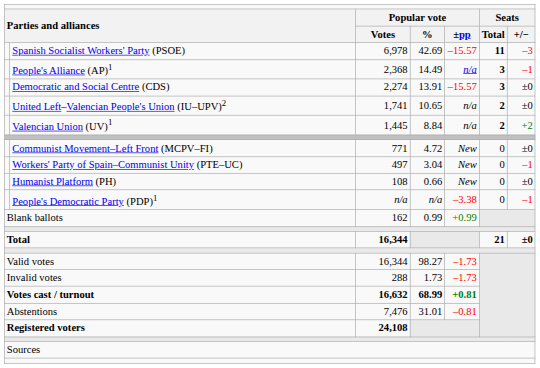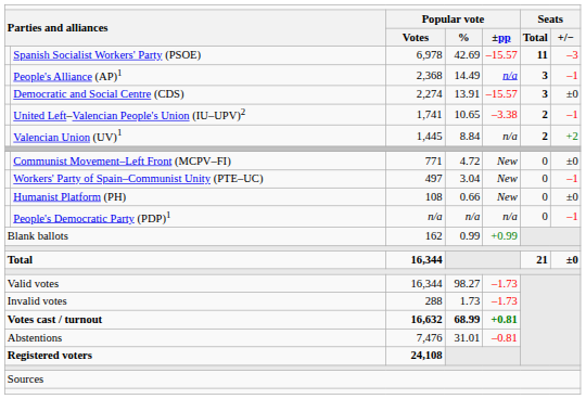 <table class="wikitable" style="text-align:right;">
 <tr>
 <td colspan="7"></td>
 </tr>
 <tr>
 <th style="text-align:left;" rowspan="2" colspan="2" width="525">Parties and alliances</th>
 <th colspan="3">Popular vote</th>
 <th colspan="2">Seats</th>
 </tr>
 <tr>
 <th width="75">Votes</th>
 <th width="45">%</th>
 <th width="45">±<a href='#'>pp</a></th>
 <th width="35">Total</th>
 <th width="35">+/−</th>
 </tr>
 <tr>
 <td width="1" style="color:inherit;background:"></td>
 <td align="left"><a href='#'>Spanish Socialist Workers' Party</a> (PSOE)</td>
 <td>6,978</td>
 <td>42.69</td>
 <td style="color:red;">–15.57</td>
 <td><strong>11</strong></td>
 <td style="color:red;">–3</td>
 </tr>
 <tr>
 <td style="color:inherit;background:"></td>
 <td align="left"><a href='#'>People's Alliance</a> (AP)<sup>1</sup></td>
 <td>2,368</td>
 <td>14.49</td>
 <td><em><a href='#'>n/a</a></em></td>
 <td><strong>3</strong></td>
 <td style="color:red;">–1</td>
 </tr>
 <tr>
 <td style="color:inherit;background:"></td>
 <td align="left"><a href='#'>Democratic and Social Centre</a> (CDS)</td>
 <td>2,274</td>
 <td>13.91</td>
 <td style="color:red;">–15.57</td>
 <td><strong>3</strong></td>
 <td>±0</td>
 </tr>
 <tr>
 <td style="color:inherit;background:"></td>
 <td align="left"><a href='#'>United Left</a>–<a href='#'>Valencian People's Union</a> (IU–UPV)<sup>2</sup></td>
 <td>1,741</td>
 <td>10.65</td>
-<td><em>n/a</em></td>
+<td style="color:red;">–3.38</td>
 <td><strong>2</strong></td>
-<td>±0</td>
+<td style="color:red;">–1</td>
 </tr>
 <tr>
 <td style="color:inherit;background:"></td>
 <td align="left"><a href='#'>Valencian Union</a> (UV)<sup>1</sup></td>
 <td>1,445</td>
 <td>8.84</td>
 <td><em>n/a</em></td>
 <td><strong>2</strong></td>
 <td style="color:green;">+2</td>
 </tr>
 <tr>
 <td colspan="7" bgcolor="#C0C0C0"></td>
 </tr>
 <tr>
 <td style="color:inherit;background:"></td>
 <td align="left"><a href='#'>Communist Movement–Left Front</a> (MCPV–FI)</td>
 <td>771</td>
 <td>4.72</td>
 <td><em>New</em></td>
 <td>0</td>
 <td>±0</td>
 </tr>
 <tr>
 <td style="color:inherit;background:"></td>
 <td align="left"><a href='#'>Workers' Party of Spain–Communist Unity</a> (PTE–UC)</td>
 <td>497</td>
 <td>3.04</td>
 <td><em>New</em></td>
 <td>0</td>
 <td style="color:red;">–1</td>
 </tr>
 <tr>
 <td style="color:inherit;background:"></td>
 <td align="left"><a href='#'>Humanist Platform</a> (PH)</td>
 <td>108</td>
 <td>0.66</td>
 <td><em>New</em></td>
 <td>0</td>
 <td>±0</td>
 </tr>
 <tr>
 <td style="color:inherit;background:"></td>
 <td align="left"><a href='#'>People's Democratic Party</a> (PDP)<sup>1</sup></td>
 <td><em>n/a</em></td>
 <td><em>n/a</em></td>
-<td style="color:red;">–3.38</td>
+<td><em>n/a</em></td>
 <td>0</td>
 <td style="color:red;">–1</td>
 </tr>
 <tr>
 <td align="left" colspan="2">Blank ballots</td>
 <td>162</td>
 <td>0.99</td>
 <td style="color:green;">+0.99</td>
 <td bgcolor="#E9E9E9" colspan="2"></td>
 </tr>
 <tr>
 <td colspan="7" bgcolor="#E9E9E9"></td>
 </tr>
 <tr style="font-weight:bold;">
 <td align="left" colspan="2">Total</td>
 <td>16,344</td>
 <td bgcolor="#E9E9E9" colspan="2"></td>
 <td>21</td>
 <td>±0</td>
 </tr>
 <tr>
 <td colspan="7" bgcolor="#E9E9E9"></td>
 </tr>
 <tr>
 <td align="left" colspan="2">Valid votes</td>
 <td>16,344</td>
 <td>98.27</td>
 <td style="color:red;">–1.73</td>
 <td bgcolor="#E9E9E9" colspan="2" rowspan="5"></td>
 </tr>
 <tr>
 <td align="left" colspan="2">Invalid votes</td>
 <td>288</td>
 <td>1.73</td>
 <td style="color:red;">–1.73</td>
 </tr>
 <tr style="font-weight:bold;">
 <td align="left" colspan="2">Votes cast / turnout</td>
 <td>16,632</td>
 <td>68.99</td>
 <td style="color:green;">+0.81</td>
 </tr>
 <tr>
 <td align="left" colspan="2">Abstentions</td>
 <td>7,476</td>
 <td>31.01</td>
 <td style="color:red;">–0.81</td>
 </tr>
 <tr style="font-weight:bold;">
 <td align="left" colspan="2">Registered voters</td>
 <td>24,108</td>
 <td bgcolor="#E9E9E9" colspan="2"></td>
 </tr>
 <tr>
 <td colspan="7" bgcolor="#E9E9E9"></td>
 </tr>
 <tr>
 <td align="left" colspan="7">Sources</td>
 </tr>
 <tr>
 <td colspan="7" style="text-align:left; max-width:790px;"></td>
 </tr>
 </table>
